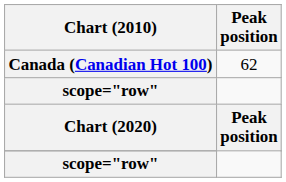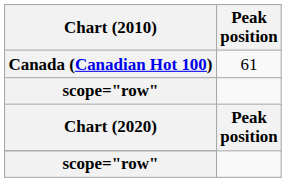 <table class="wikitable sortable plainrowheaders" style="text-align:center;">
 <tr>
 <th scope="col">Chart (2010)</th>
 <th scope="col">Peak<br>position</th>
 </tr>
 <tr>
 <th scope="row">Canada (<a href='#'>Canadian Hot 100</a>)</th>
-<td align="center">62</td>
+<td align="center">61</td>
 </tr>
 <tr>
 <th>scope="row" </th>
 </tr>
 <tr>
 <th scope="col">Chart (2020)</th>
 <th scope="col">Peak<br>position</th>
 </tr>
 <tr>
 </tr>
 <tr>
 <th>scope="row" </th>
 </tr>
 </table>
